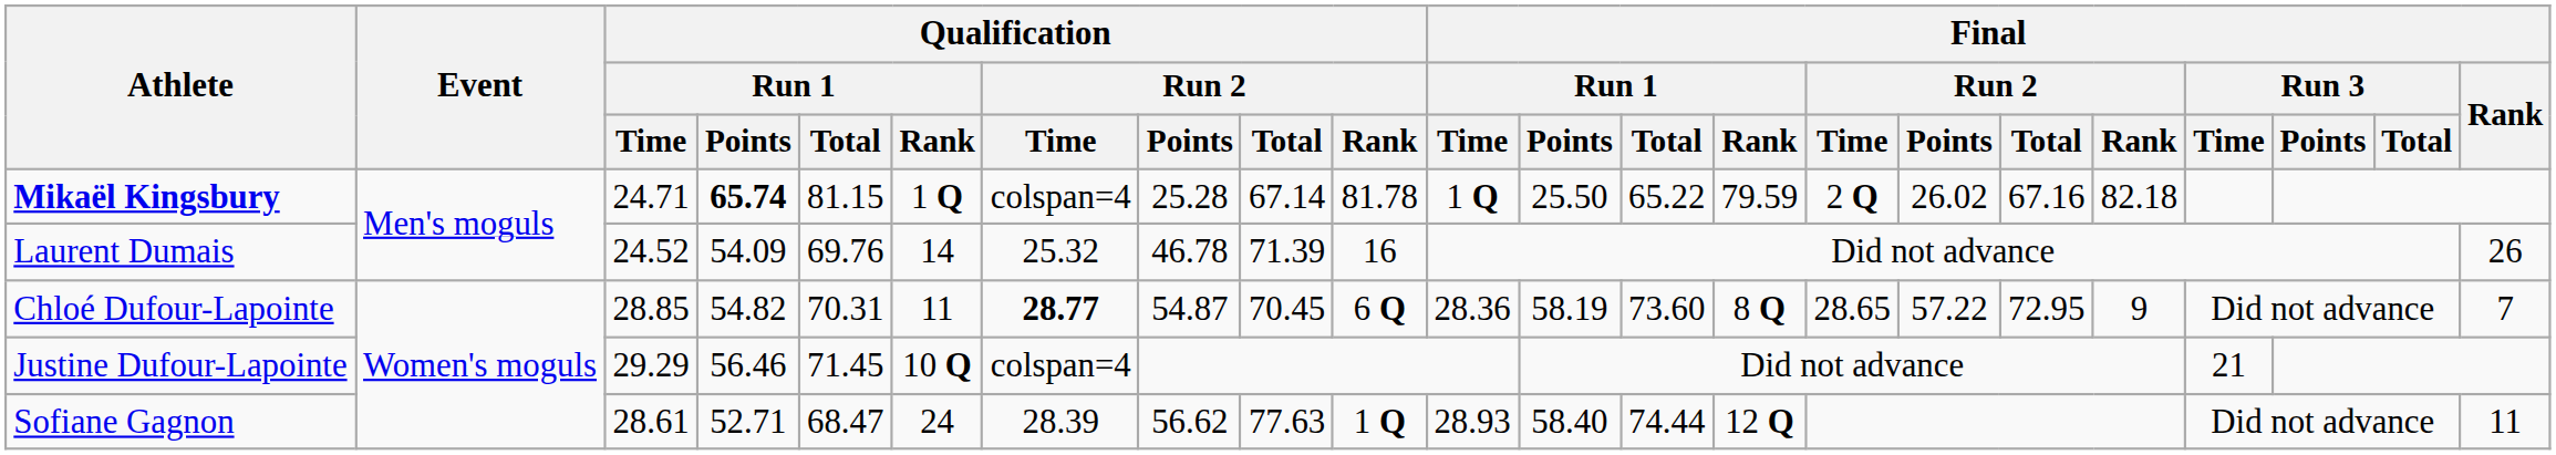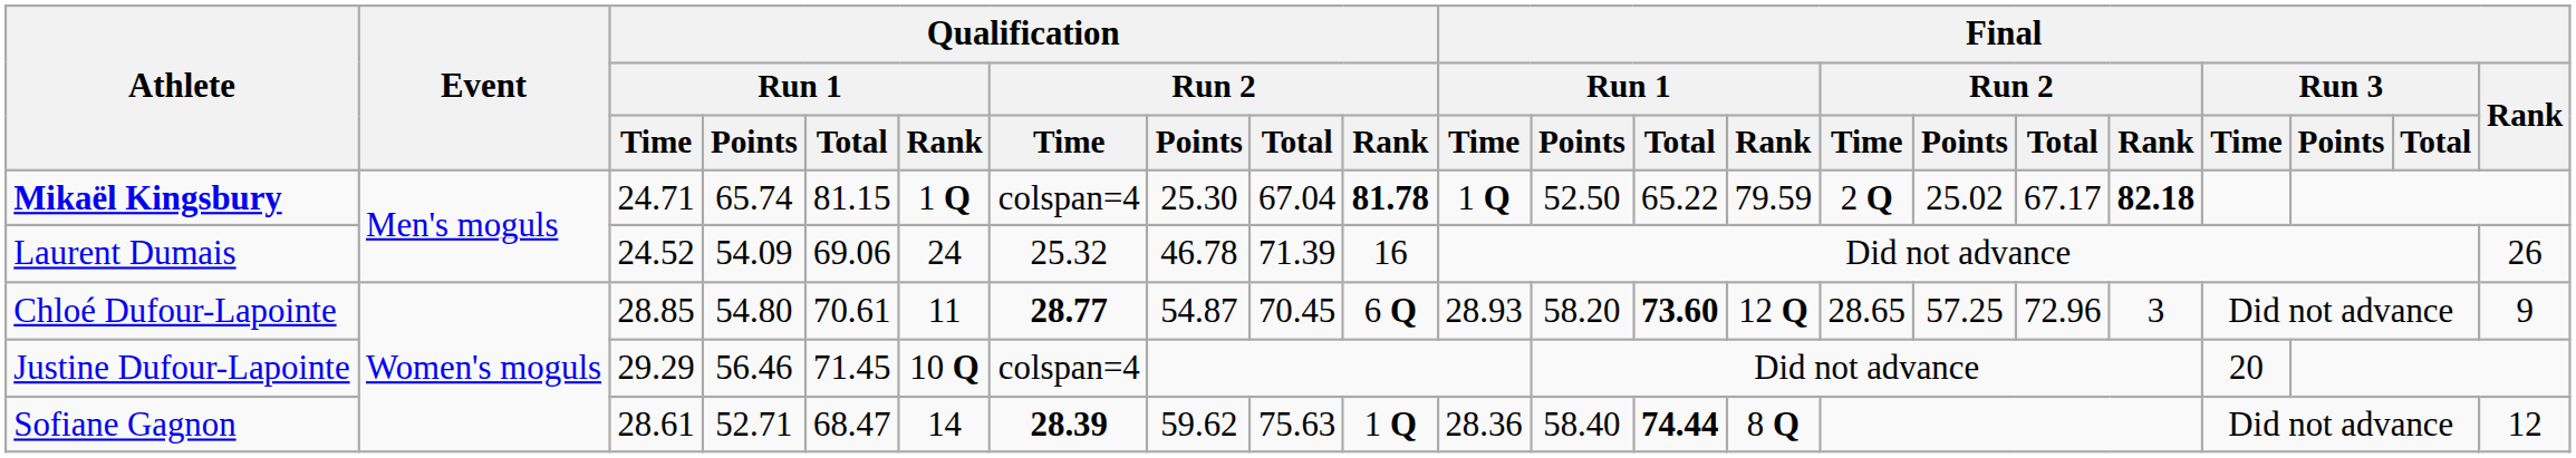 <table class=wikitable style=font-size:90%;text-align:center>
 <tr>
 <th rowspan=3>Athlete</th>
 <th rowspan=3>Event</th>
 <th colspan=8>Qualification</th>
 <th colspan=12>Final</th>
 </tr>
 <tr style=font-size:95%>
 <th colspan=4>Run 1</th>
 <th colspan=4>Run 2</th>
 <th colspan=4>Run 1</th>
 <th colspan=4>Run 2</th>
 <th colspan=3>Run 3</th>
 <th colspan=1 rowspan=2>Rank</th>
 </tr>
 <tr style=font-size:95%>
 <th>Time</th>
 <th>Points</th>
 <th>Total</th>
 <th>Rank</th>
 <th>Time</th>
 <th>Points</th>
 <th>Total</th>
 <th>Rank</th>
 <th>Time</th>
 <th>Points</th>
 <th>Total</th>
 <th>Rank</th>
 <th>Time</th>
 <th>Points</th>
 <th>Total</th>
 <th>Rank</th>
 <th>Time</th>
 <th>Points</th>
 <th>Total</th>
 </tr>
 <tr>
 <td align=left><strong><a href='#'>Mikaël Kingsbury</a></strong></td>
 <td rowspan=2 align=left><a href='#'>Men's moguls</a></td>
 <td>24.71</td>
-<td><strong>65.74</strong></td>
+<td>65.74</td>
 <td>81.15</td>
 <td>1 <strong>Q</strong></td>
 <td>colspan=4 </td>
-<td>25.28</td>
-<td>67.14</td>
-<td>81.78</td>
+<td>25.30</td>
+<td>67.04</td>
+<td><strong>81.78</strong></td>
 <td>1 <strong>Q</strong></td>
-<td>25.50</td>
+<td>52.50</td>
 <td>65.22</td>
 <td>79.59</td>
 <td>2 <strong>Q</strong></td>
-<td>26.02</td>
-<td>67.16</td>
-<td>82.18</td>
+<td>25.02</td>
+<td>67.17</td>
+<td><strong>82.18</strong></td>
 <td></td>
 </tr>
 <tr>
 <td align=left><a href='#'>Laurent Dumais</a></td>
 <td>24.52</td>
 <td>54.09</td>
-<td>69.76</td>
-<td>14</td>
+<td>69.06</td>
+<td>24</td>
 <td>25.32</td>
 <td>46.78</td>
 <td>71.39</td>
 <td>16</td>
 <td colspan=11>Did not advance</td>
 <td>26</td>
 </tr>
 <tr>
 <td align=left><a href='#'>Chloé Dufour-Lapointe</a></td>
 <td align=left rowspan=3><a href='#'>Women's moguls</a></td>
 <td>28.85</td>
-<td>54.82</td>
-<td>70.31</td>
+<td>54.80</td>
+<td>70.61</td>
 <td>11</td>
 <td><strong>28.77</strong></td>
 <td>54.87</td>
 <td>70.45</td>
 <td>6 <strong>Q</strong></td>
-<td>28.36</td>
-<td>58.19</td>
-<td>73.60</td>
-<td>8 <strong>Q</strong></td>
+<td>28.93</td>
+<td>58.20</td>
+<td><strong>73.60</strong></td>
+<td>12 <strong>Q</strong></td>
 <td>28.65</td>
-<td>57.22</td>
-<td>72.95</td>
+<td>57.25</td>
+<td>72.96</td>
+<td>3</td>
+<td colspan=3>Did not advance</td>
 <td>9</td>
-<td colspan=3>Did not advance</td>
-<td>7</td>
 </tr>
 <tr>
 <td align=left><a href='#'>Justine Dufour-Lapointe</a></td>
 <td>29.29</td>
 <td>56.46</td>
 <td>71.45</td>
 <td>10 <strong>Q</strong></td>
 <td>colspan=4 </td>
 <td colspan=4></td>
 <td colspan=7>Did not advance</td>
-<td>21</td>
+<td>20</td>
 </tr>
 <tr>
 <td align=left><a href='#'>Sofiane Gagnon</a></td>
 <td>28.61</td>
 <td>52.71</td>
 <td>68.47</td>
-<td>24</td>
-<td>28.39</td>
-<td>56.62</td>
-<td>77.63</td>
+<td>14</td>
+<td><strong>28.39</strong></td>
+<td>59.62</td>
+<td>75.63</td>
 <td>1 <strong>Q</strong></td>
-<td>28.93</td>
+<td>28.36</td>
 <td>58.40</td>
-<td>74.44</td>
-<td>12 <strong>Q</strong></td>
+<td><strong>74.44</strong></td>
+<td>8 <strong>Q</strong></td>
 <td colspan=4></td>
 <td colspan=3>Did not advance</td>
-<td>11</td>
+<td>12</td>
 </tr>
 </table>
